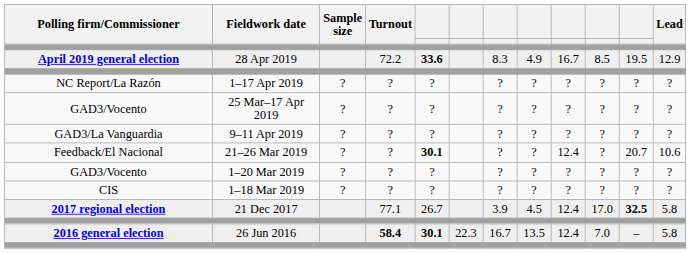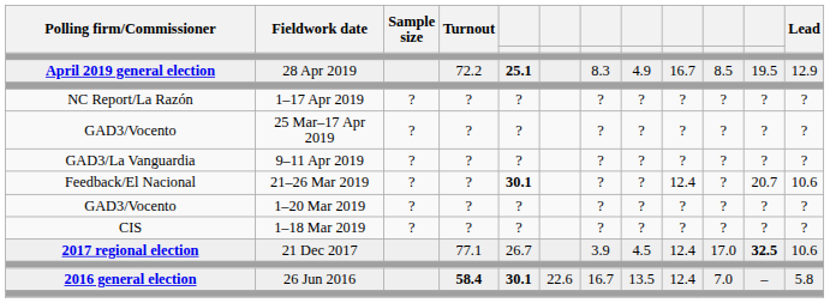 <table class="wikitable collapsible collapsed" style="text-align:center; font-size:95%; line-height:16px;">
 <tr style="height:42px;">
 <th style="width:250px;" rowspan="2">Polling firm/Commissioner</th>
 <th style="width:125px;" rowspan="2">Fieldwork date</th>
 <th style="width:50px;" rowspan="2">Sample size</th>
 <th style="width:45px;" rowspan="2">Turnout</th>
 <th style="width:35px;"></th>
 <th style="width:35px;"></th>
 <th style="width:35px;"></th>
 <th style="width:35px;"></th>
 <th style="width:35px;"></th>
 <th style="width:35px;"></th>
 <th style="width:35px;"></th>
 <th style="width:30px;" rowspan="2">Lead</th>
 </tr>
 <tr>
 <th style="color:inherit;background:"></th>
 <th style="color:inherit;background:"></th>
 <th style="color:inherit;background:"></th>
 <th style="color:inherit;background:"></th>
 <th style="color:inherit;background:"></th>
 <th style="color:inherit;background:"></th>
 <th style="color:inherit;background:"></th>
 </tr>
 <tr>
 <td colspan="12" style="background:#A0A0A0"></td>
 </tr>
 <tr style="background:#EFEFEF;">
 <td><strong><a href='#'>April 2019 general election</a></strong></td>
 <td>28 Apr 2019</td>
 <td></td>
 <td>72.2</td>
-<td><strong>33.6</strong><br></td>
+<td><strong>25.1</strong><br></td>
 <td></td>
 <td>8.3<br></td>
 <td>4.9<br></td>
 <td>16.7<br></td>
 <td>8.5<br></td>
 <td>19.5<br></td>
 <td style="background:">12.9</td>
 </tr>
 <tr>
 <td colspan="12" style="background:#A0A0A0"></td>
 </tr>
 <tr>
 <td>NC Report/La Razón</td>
 <td>1–17 Apr 2019</td>
 <td>?</td>
 <td>?</td>
 <td>?<br></td>
 <td></td>
 <td>?<br></td>
 <td>?<br></td>
 <td>?<br></td>
 <td>?<br></td>
 <td>?<br></td>
 <td style="background:">?</td>
 </tr>
 <tr>
 <td>GAD3/Vocento</td>
 <td>25 Mar–17 Apr 2019</td>
 <td>?</td>
 <td>?</td>
 <td>?<br></td>
 <td></td>
 <td>?<br></td>
 <td>?<br></td>
 <td>?<br></td>
 <td>?<br></td>
 <td>?<br></td>
 <td style="background:">?</td>
 </tr>
 <tr>
 <td>GAD3/La Vanguardia</td>
 <td>9–11 Apr 2019</td>
 <td>?</td>
 <td>?</td>
 <td>?<br></td>
 <td></td>
 <td>?<br></td>
 <td>?<br></td>
 <td>?<br></td>
 <td>?<br></td>
 <td>?<br></td>
 <td style="background:">?</td>
 </tr>
 <tr>
 <td>Feedback/El Nacional</td>
 <td>21–26 Mar 2019</td>
 <td>?</td>
 <td>?</td>
 <td><strong>30.1</strong><br></td>
 <td></td>
 <td>?<br></td>
 <td>?<br></td>
 <td>12.4<br></td>
 <td>?<br></td>
 <td>20.7<br></td>
 <td style="background:">10.6</td>
 </tr>
 <tr>
 <td>GAD3/Vocento</td>
 <td>1–20 Mar 2019</td>
 <td>?</td>
 <td>?</td>
 <td>?<br></td>
 <td></td>
 <td>?<br></td>
 <td>?<br></td>
 <td>?<br></td>
 <td>?<br></td>
 <td>?<br></td>
 <td style="background:">?</td>
 </tr>
 <tr>
 <td>CIS</td>
 <td>1–18 Mar 2019</td>
 <td>?</td>
 <td>?</td>
 <td>?<br></td>
 <td></td>
 <td>?<br></td>
 <td>?<br></td>
 <td>?<br></td>
 <td>?<br></td>
 <td>?<br></td>
 <td style="background:">?</td>
 </tr>
 <tr style="background:#EFEFEF;">
 <td><strong><a href='#'>2017 regional election</a></strong></td>
 <td>21 Dec 2017</td>
 <td></td>
 <td>77.1</td>
 <td>26.7<br></td>
 <td></td>
 <td>3.9<br></td>
 <td>4.5<br></td>
 <td>12.4<br></td>
 <td>17.0<br></td>
 <td><strong>32.5</strong><br></td>
-<td style="background:">5.8</td>
+<td style="background:">10.6</td>
 </tr>
 <tr>
 <td colspan="12" style="background:#A0A0A0"></td>
 </tr>
 <tr style="background:#EFEFEF;">
 <td><strong><a href='#'>2016 general election</a></strong></td>
 <td>26 Jun 2016</td>
 <td></td>
 <td><strong>58.4</strong></td>
 <td><strong>30.1</strong><br></td>
-<td>22.3<br></td>
+<td>22.6<br></td>
 <td>16.7<br></td>
 <td>13.5<br></td>
 <td>12.4<br></td>
 <td>7.0<br></td>
 <td>–</td>
 <td style="background:">5.8</td>
 </tr>
 <tr>
 <td colspan="12" style="background:#A0A0A0"></td>
 </tr>
 </table>
